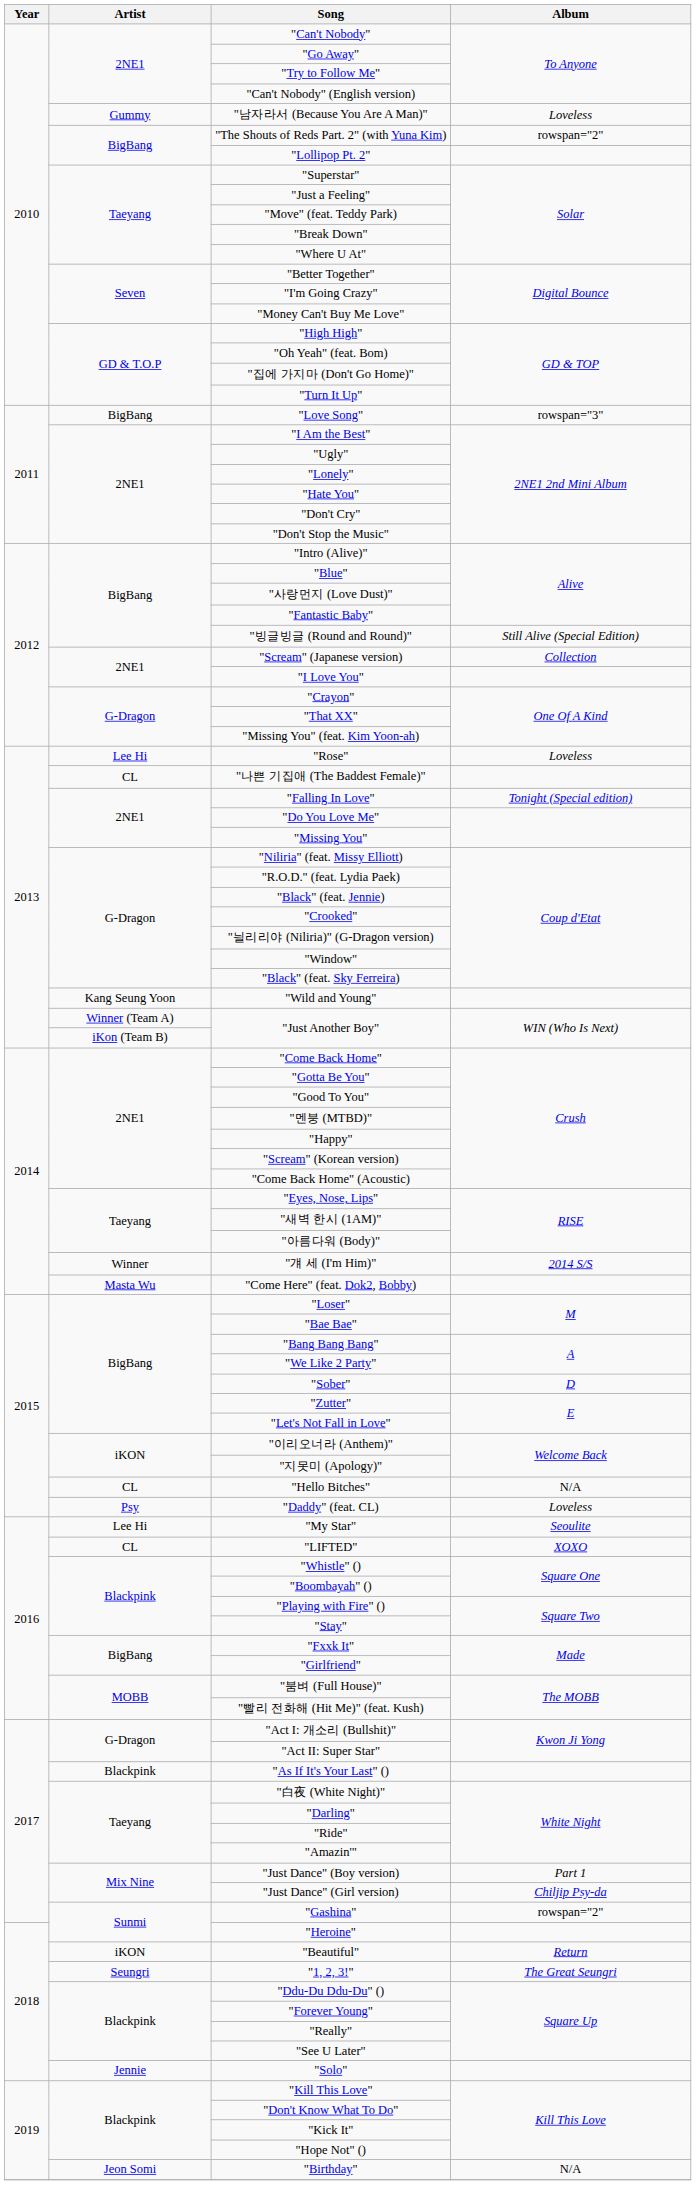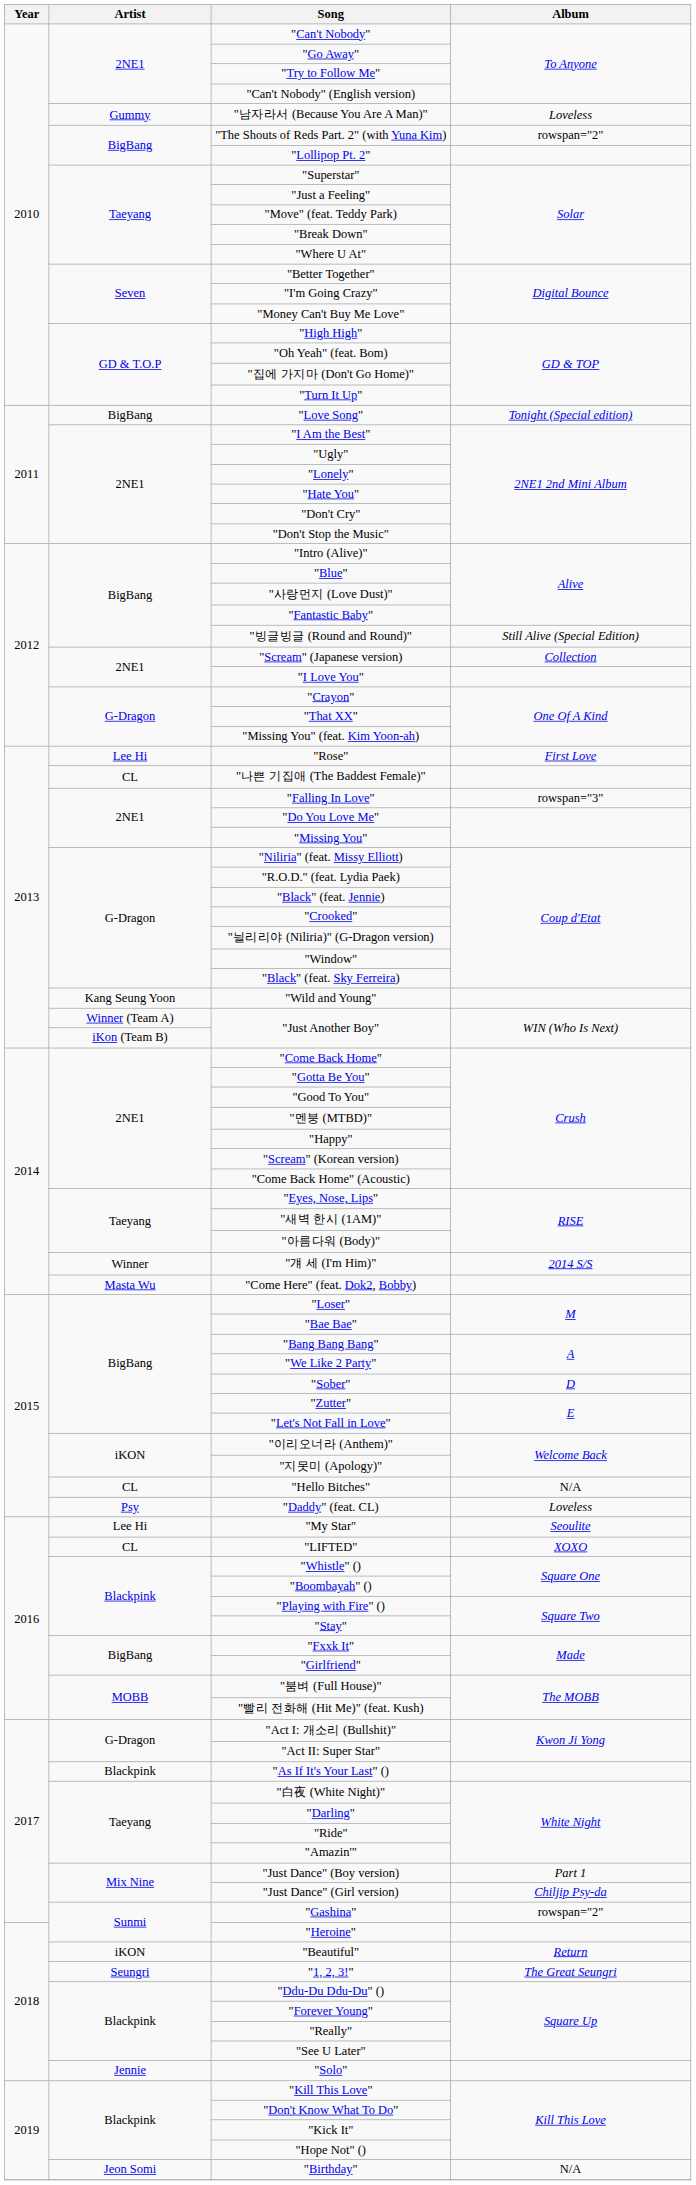 <table class="wikitable plainrowheaders" style="text-align:center;">
 <tr>
 <th width="50px">Year</th>
 <th width="200px">Artist</th>
 <th width="300px">Song</th>
 <th width="300px">Album</th>
 </tr>
 <tr>
 <td rowspan="19">2010</td>
 <td rowspan="4"><a href='#'>2NE1</a></td>
 <td>"<a href='#'>Can't Nobody</a>"</td>
 <td rowspan="4"><em><a href='#'>To Anyone</a></em></td>
 </tr>
 <tr>
 <td>"<a href='#'>Go Away</a>"</td>
 </tr>
 <tr>
 <td>"<a href='#'>Try to Follow Me</a>"</td>
 </tr>
 <tr>
 <td>"Can't Nobody" (English version)</td>
 </tr>
 <tr>
 <td><a href='#'>Gummy</a></td>
 <td>"남자라서 (Because You Are A Man)"</td>
 <td><em>Loveless</em></td>
 </tr>
 <tr>
 <td rowspan="2"><a href='#'>BigBang</a></td>
 <td>"The Shouts of Reds Part. 2" (with <a href='#'>Yuna Kim</a>)</td>
 <td>rowspan="2" </td>
 </tr>
 <tr>
 <td>"<a href='#'>Lollipop Pt. 2</a>"</td>
 </tr>
 <tr>
 <td rowspan="5"><a href='#'>Taeyang</a></td>
 <td>"Superstar"</td>
 <td rowspan="5"><em><a href='#'>Solar</a></em></td>
 </tr>
 <tr>
 <td>"Just a Feeling"</td>
 </tr>
 <tr>
 <td>"Move" (feat. Teddy Park)</td>
 </tr>
 <tr>
 <td>"Break Down"</td>
 </tr>
 <tr>
 <td>"Where U At"</td>
 </tr>
 <tr>
 <td rowspan="3"><a href='#'>Seven</a></td>
 <td>"Better Together"</td>
 <td rowspan="3"><em><a href='#'>Digital Bounce</a></em></td>
 </tr>
 <tr>
 <td>"I'm Going Crazy"</td>
 </tr>
 <tr>
 <td>"Money Can't Buy Me Love"</td>
 </tr>
 <tr>
 <td rowspan="4"><a href='#'>GD & T.O.P</a></td>
 <td>"<a href='#'>High High</a>"</td>
 <td rowspan="4"><em><a href='#'>GD & TOP</a></em></td>
 </tr>
 <tr>
 <td>"Oh Yeah" (feat. Bom)</td>
 </tr>
 <tr>
 <td>"집에 가지마 (Don't Go Home)"</td>
 </tr>
 <tr>
 <td>"<a href='#'>Turn It Up</a>"</td>
 </tr>
 <tr>
 <td rowspan="7">2011</td>
 <td>BigBang</td>
 <td>"<a href='#'>Love Song</a>"</td>
-<td>rowspan="3" </td>
+<td><em><a href='#'>Tonight (Special edition)</a></em></td>
 </tr>
 <tr>
 <td rowspan="6">2NE1</td>
 <td>"<a href='#'>I Am the Best</a>"</td>
 <td rowspan="6"><em><a href='#'>2NE1 2nd Mini Album</a></em></td>
 </tr>
 <tr>
 <td>"Ugly"</td>
 </tr>
 <tr>
 <td>"<a href='#'>Lonely</a>"</td>
 </tr>
 <tr>
 <td>"<a href='#'>Hate You</a>"</td>
 </tr>
 <tr>
 <td>"Don't Cry"</td>
 </tr>
 <tr>
 <td>"Don't Stop the Music"</td>
 </tr>
 <tr>
 <td rowspan="10">2012</td>
 <td rowspan="5">BigBang</td>
 <td>"Intro (Alive)"</td>
 <td rowspan="4"><em><a href='#'>Alive</a></em></td>
 </tr>
 <tr>
 <td>"<a href='#'>Blue</a>"</td>
 </tr>
 <tr>
 <td>"사랑먼지 (Love Dust)"</td>
 </tr>
 <tr>
 <td>"<a href='#'>Fantastic Baby</a>"</td>
 </tr>
 <tr>
 <td>"빙글빙글 (Round and Round)"</td>
 <td><em>Still Alive (Special Edition)</em></td>
 </tr>
 <tr>
 <td rowspan="2">2NE1</td>
 <td>"<a href='#'>Scream</a>" (Japanese version)</td>
 <td><em><a href='#'>Collection</a></em></td>
 </tr>
 <tr>
 <td>"<a href='#'>I Love You</a>"</td>
 <td></td>
 </tr>
 <tr>
 <td rowspan="3"><a href='#'>G-Dragon</a></td>
 <td>"<a href='#'>Crayon</a>"</td>
 <td rowspan="3"><em><a href='#'>One Of A Kind</a></em></td>
 </tr>
 <tr>
 <td>"<a href='#'>That XX</a>"</td>
 </tr>
 <tr>
 <td>"Missing You" (feat. <a href='#'>Kim Yoon-ah</a>)</td>
 </tr>
 <tr>
 <td rowspan="15">2013</td>
 <td><a href='#'>Lee Hi</a></td>
 <td>"Rose"</td>
-<td><em>Loveless</em></td>
+<td><em><a href='#'>First Love</a></em></td>
 </tr>
 <tr>
 <td>CL</td>
 <td>"나쁜 기집애 (The Baddest Female)"</td>
 <td></td>
 </tr>
 <tr>
 <td rowspan="3">2NE1</td>
 <td>"<a href='#'>Falling In Love</a>"</td>
-<td><em><a href='#'>Tonight (Special edition)</a></em></td>
+<td>rowspan="3" </td>
 </tr>
 <tr>
 <td>"<a href='#'>Do You Love Me</a>"</td>
 </tr>
 <tr>
 <td>"<a href='#'>Missing You</a>"</td>
 </tr>
 <tr>
 <td rowspan="7">G-Dragon</td>
 <td>"<a href='#'>Niliria</a>" (feat. <a href='#'>Missy Elliott</a>)</td>
 <td rowspan="7"><em><a href='#'>Coup d'Etat</a></em></td>
 </tr>
 <tr>
 <td>"R.O.D." (feat. Lydia Paek)</td>
 </tr>
 <tr>
 <td>"<a href='#'>Black</a>" (feat. <a href='#'>Jennie</a>)</td>
 </tr>
 <tr>
 <td>"<a href='#'>Crooked</a>"</td>
 </tr>
 <tr>
 <td>"늴리리야 (Niliria)" (G-Dragon version)</td>
 </tr>
 <tr>
 <td>"Window"</td>
 </tr>
 <tr>
 <td>"<a href='#'>Black</a>" (feat. <a href='#'>Sky Ferreira</a>)</td>
 </tr>
 <tr>
 <td>Kang Seung Yoon</td>
 <td>"Wild and Young"</td>
 <td></td>
 </tr>
 <tr>
 <td><a href='#'>Winner</a> (Team A)</td>
 <td rowspan="2">"Just Another Boy"</td>
 <td rowspan="2"><em>WIN (Who Is Next)</em></td>
 </tr>
 <tr>
 <td><a href='#'>iKon</a> (Team B)</td>
 </tr>
 <tr>
 <td rowspan="12">2014</td>
 <td rowspan="7">2NE1</td>
 <td>"<a href='#'>Come Back Home</a>"</td>
 <td rowspan="7"><em><a href='#'>Crush</a></em></td>
 </tr>
 <tr>
 <td>"<a href='#'>Gotta Be You</a>"</td>
 </tr>
 <tr>
 <td>"Good To You"</td>
 </tr>
 <tr>
 <td>"멘붕 (MTBD)"</td>
 </tr>
 <tr>
 <td>"Happy"</td>
 </tr>
 <tr>
 <td>"<a href='#'>Scream</a>" (Korean version)</td>
 </tr>
 <tr>
 <td>"Come Back Home" (Acoustic)</td>
 </tr>
 <tr>
 <td rowspan="3">Taeyang</td>
 <td>"<a href='#'>Eyes, Nose, Lips</a>"</td>
 <td rowspan="3"><em><a href='#'>RISE</a></em></td>
 </tr>
 <tr>
 <td>"새벽 한시 (1AM)"</td>
 </tr>
 <tr>
 <td>"아름다워 (Body)"</td>
 </tr>
 <tr>
 <td>Winner</td>
 <td>"걔 세 (I'm Him)"</td>
 <td><em><a href='#'>2014 S/S</a></em></td>
 </tr>
 <tr>
 <td><a href='#'>Masta Wu</a></td>
 <td>"Come Here" (feat. <a href='#'>Dok2</a>, <a href='#'>Bobby</a>)</td>
 <td></td>
 </tr>
 <tr>
 <td rowspan="11">2015</td>
 <td rowspan="7">BigBang</td>
 <td>"<a href='#'>Loser</a>"</td>
 <td rowspan="2"><em><a href='#'>M</a></em></td>
 </tr>
 <tr>
 <td>"<a href='#'>Bae Bae</a>"</td>
 </tr>
 <tr>
 <td>"<a href='#'>Bang Bang Bang</a>"</td>
 <td rowspan="2"><em><a href='#'>A</a></em></td>
 </tr>
 <tr>
 <td>"<a href='#'>We Like 2 Party</a>"</td>
 </tr>
 <tr>
 <td>"<a href='#'>Sober</a>"</td>
 <td><em><a href='#'>D</a></em></td>
 </tr>
 <tr>
 <td>"<a href='#'>Zutter</a>"</td>
 <td rowspan="2"><em><a href='#'>E</a></em></td>
 </tr>
 <tr>
 <td>"<a href='#'>Let's Not Fall in Love</a>"</td>
 </tr>
 <tr>
 <td rowspan="2">iKON</td>
 <td>"이리오너라 (Anthem)"</td>
 <td rowspan="2"><em><a href='#'>Welcome Back</a></em></td>
 </tr>
 <tr>
 <td>"지못미 (Apology)"</td>
 </tr>
 <tr>
 <td>CL</td>
 <td>"Hello Bitches"</td>
 <td>N/A</td>
 </tr>
 <tr>
 <td><a href='#'>Psy</a></td>
 <td>"<a href='#'>Daddy</a>" (feat. CL)</td>
 <td><em>Loveless</em></td>
 </tr>
 <tr>
 <td rowspan="10">2016</td>
 <td>Lee Hi</td>
 <td>"My Star"</td>
 <td><em><a href='#'>Seoulite</a></em></td>
 </tr>
 <tr>
 <td>CL</td>
 <td>"LIFTED"</td>
 <td><em><a href='#'>XOXO</a></em></td>
 </tr>
 <tr>
 <td rowspan="4"><a href='#'>Blackpink</a></td>
 <td>"<a href='#'>Whistle</a>" ()</td>
 <td rowspan="2"><em><a href='#'>Square One</a></em></td>
 </tr>
 <tr>
 <td>"<a href='#'>Boombayah</a>" ()</td>
 </tr>
 <tr>
 <td>"<a href='#'>Playing with Fire</a>" ()</td>
 <td rowspan="2"><em><a href='#'>Square Two</a></em></td>
 </tr>
 <tr>
 <td>"<a href='#'>Stay</a>"</td>
 </tr>
 <tr>
 <td rowspan="2">BigBang</td>
 <td>"<a href='#'>Fxxk It</a>"</td>
 <td rowspan="2"><em><a href='#'>Made</a></em></td>
 </tr>
 <tr>
 <td>"<a href='#'>Girlfriend</a>"</td>
 </tr>
 <tr>
 <td rowspan="2"><a href='#'>MOBB</a></td>
 <td>"붐벼 (Full House)"</td>
 <td rowspan="2"><em><a href='#'>The MOBB</a></em></td>
 </tr>
 <tr>
 <td>"빨리 전화해 (Hit Me)" (feat. Kush)</td>
 </tr>
 <tr>
 <td rowspan="10">2017</td>
 <td rowspan="2">G-Dragon</td>
 <td>"Act I: 개소리 (Bullshit)"</td>
 <td rowspan="2"><em><a href='#'>Kwon Ji Yong</a></em></td>
 </tr>
 <tr>
 <td>"Act II: Super Star"</td>
 </tr>
 <tr>
 <td>Blackpink</td>
 <td>"<a href='#'>As If It's Your Last</a>" ()</td>
 <td></td>
 </tr>
 <tr>
 <td rowspan="4">Taeyang</td>
 <td>"白夜 (White Night)"</td>
 <td rowspan="4"><em><a href='#'>White Night</a></em></td>
 </tr>
 <tr>
 <td>"<a href='#'>Darling</a>"</td>
 </tr>
 <tr>
 <td>"Ride"</td>
 </tr>
 <tr>
 <td>"Amazin'"</td>
 </tr>
 <tr>
 <td rowspan="2"><a href='#'>Mix Nine</a></td>
 <td>"Just Dance" (Boy version)</td>
 <td><em>Part 1</em></td>
 </tr>
 <tr>
 <td>"Just Dance" (Girl version)</td>
 <td><em><a href='#'>Chiljip Psy-da</a></em></td>
 </tr>
 <tr>
 <td rowspan="2"><a href='#'>Sunmi</a></td>
 <td>"<a href='#'>Gashina</a>"</td>
 <td>rowspan="2" </td>
 </tr>
 <tr>
 <td rowspan="8">2018</td>
 <td>"<a href='#'>Heroine</a>"</td>
 </tr>
 <tr>
 <td>iKON</td>
 <td>"Beautiful"</td>
 <td><em><a href='#'>Return</a></em></td>
 </tr>
 <tr>
 <td><a href='#'>Seungri</a></td>
 <td>"<a href='#'>1, 2, 3!</a>"</td>
 <td><em><a href='#'>The Great Seungri</a></em></td>
 </tr>
 <tr>
 <td rowspan="4">Blackpink</td>
 <td>"<a href='#'>Ddu-Du Ddu-Du</a>" ()</td>
 <td rowspan="4"><em><a href='#'>Square Up</a></em></td>
 </tr>
 <tr>
 <td>"<a href='#'>Forever Young</a>"</td>
 </tr>
 <tr>
 <td>"Really"</td>
 </tr>
 <tr>
 <td>"See U Later"</td>
 </tr>
 <tr>
 <td><a href='#'>Jennie</a></td>
 <td>"<a href='#'>Solo</a>"</td>
 <td></td>
 </tr>
 <tr>
 <td rowspan="5">2019</td>
 <td rowspan="4">Blackpink</td>
 <td>"<a href='#'>Kill This Love</a>"</td>
 <td rowspan="4"><em><a href='#'>Kill This Love</a></em></td>
 </tr>
 <tr>
 <td>"<a href='#'>Don't Know What To Do</a>"</td>
 </tr>
 <tr>
 <td>"Kick It"</td>
 </tr>
 <tr>
 <td>"Hope Not" ()</td>
 </tr>
 <tr>
 <td><a href='#'>Jeon Somi</a></td>
 <td>"<a href='#'>Birthday</a>"</td>
 <td>N/A</td>
 </tr>
 <tr>
 </tr>
 </table>
